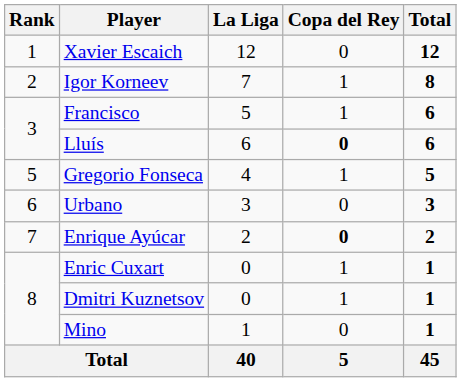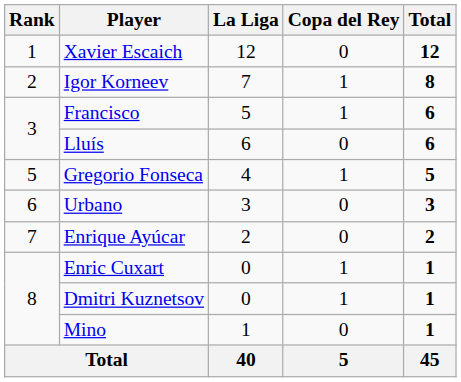 <table class="wikitable" style="text-align:center;">
 <tr>
 <th>Rank</th>
 <th>Player</th>
 <th>La Liga</th>
 <th>Copa del Rey</th>
 <th>Total</th>
 </tr>
 <tr>
 <td>1</td>
 <td align=left> <a href='#'>Xavier Escaich</a></td>
 <td>12</td>
 <td>0</td>
 <td><strong>12</strong></td>
 </tr>
 <tr>
 <td>2</td>
 <td align=left> <a href='#'>Igor Korneev</a></td>
 <td>7</td>
 <td>1</td>
 <td><strong>8</strong></td>
 </tr>
 <tr>
 <td rowspan="2">3</td>
 <td align=left> <a href='#'>Francisco</a></td>
 <td>5</td>
 <td>1</td>
 <td><strong>6</strong></td>
 </tr>
 <tr>
 <td align=left> <a href='#'>Lluís</a></td>
 <td>6</td>
-<td><strong>0</strong></td>
+<td>0</td>
 <td><strong>6</strong></td>
 </tr>
 <tr>
 <td>5</td>
 <td align=left> <a href='#'>Gregorio Fonseca</a></td>
 <td>4</td>
 <td>1</td>
 <td><strong>5</strong></td>
 </tr>
 <tr>
 <td>6</td>
 <td align=left> <a href='#'>Urbano</a></td>
 <td>3</td>
 <td>0</td>
 <td><strong>3</strong></td>
 </tr>
 <tr>
 <td>7</td>
 <td align=left> <a href='#'>Enrique Ayúcar</a></td>
 <td>2</td>
-<td><strong>0</strong></td>
+<td>0</td>
 <td><strong>2</strong></td>
 </tr>
 <tr>
 <td rowspan="3">8</td>
 <td align=left> <a href='#'>Enric Cuxart</a></td>
 <td>0</td>
 <td>1</td>
 <td><strong>1</strong></td>
 </tr>
 <tr>
 <td align=left> <a href='#'>Dmitri Kuznetsov</a></td>
 <td>0</td>
 <td>1</td>
 <td><strong>1</strong></td>
 </tr>
 <tr>
 <td align=left> <a href='#'>Mino</a></td>
 <td>1</td>
 <td>0</td>
 <td><strong>1</strong></td>
 </tr>
 <tr>
 <th colspan=2>Total</th>
 <th>40</th>
 <th>5</th>
 <th>45</th>
 </tr>
 </table>
